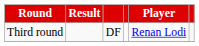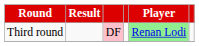 <table class="wikitable" style="text-align:center">
 <tr>
 <th style="background:#DD0000; color:#FFFFFF;">Round</th>
 <th style="background:#DD0000; color:#FFFFFF;">Result</th>
 <th style="background:#DD0000; color:#FFFFFF;"></th>
 <th style="background:#DD0000; color:#FFFFFF;"></th>
 <th style="background:#DD0000;color:#FFFFFF;">Player</th>
 <th style="background:#DD0000; color:#FFFFFF;"></th>
 </tr>
 <tr>
 <td>Third round</td>
 <td></td>
-<td>DF</td>
+<td style="background: pink;">DF</td>
 <td></td>
-<td><a href='#'>Renan Lodi</a></td>
+<td style="background: lightgreen;"><a href='#'>Renan Lodi</a></td>
 <td></td>
 </tr>
 <tr>
 </tr>
 </table>
